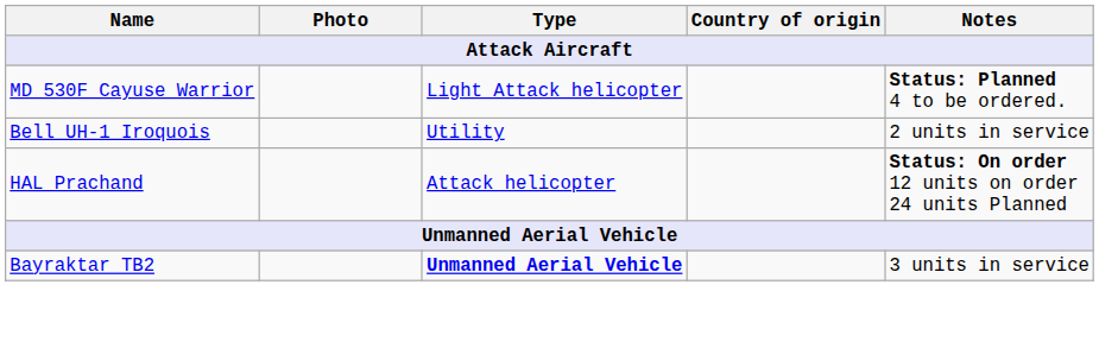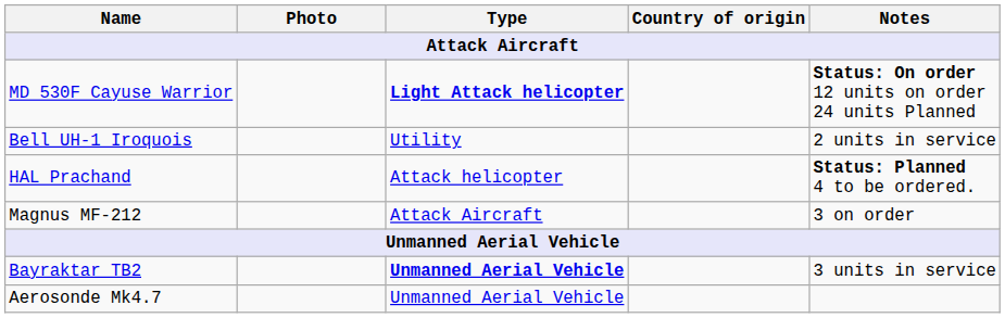 <table class="wikitable">
 <tr>
 <th>Name</th>
 <th style="width:15%;">Photo</th>
 <th>Type</th>
 <th>Country of origin</th>
 <th>Notes</th>
 </tr>
 <tr>
 <th colspan="5" style="align: center; background: lavender;">Attack Aircraft</th>
 </tr>
 <tr>
 <td><a href='#'>MD 530F Cayuse Warrior</a></td>
 <td></td>
-<td><a href='#'>Light Attack helicopter</a></td>
+<td><strong><a href='#'>Light Attack helicopter</a></strong></td>
 <td></td>
-<td><strong>Status: Planned</strong><br>4 to be ordered.</td>
+<td><strong>Status: On order</strong><br>12 units on order <br> 24 units Planned</td>
 </tr>
 <tr>
 <td><a href='#'>Bell UH-1 Iroquois</a></td>
 <td><br></td>
 <td><a href='#'>Utility</a></td>
 <td></td>
 <td>2 units in service</td>
 </tr>
 <tr>
 <td><a href='#'>HAL Prachand</a></td>
 <td></td>
 <td><a href='#'>Attack helicopter</a></td>
 <td><strong></strong></td>
-<td><strong>Status: On order</strong><br>12 units on order <br> 24 units Planned</td>
+<td><strong>Status: Planned</strong><br>4 to be ordered.</td>
+</tr>
+<tr>
+<td>Magnus MF-212</td>
+<td></td>
+<td><a href='#'>Attack Aircraft</a></td>
+<td></td>
+<td>3 on order</td>
 </tr>
 <tr>
 <th colspan="5" style="align: center;background: lavender;">Unmanned Aerial Vehicle</th>
 </tr>
 <tr>
 <td><a href='#'>Bayraktar TB2</a></td>
 <td></td>
 <td><strong><a href='#'>Unmanned Aerial Vehicle</a></strong></td>
 <td></td>
 <td>3 units in service</td>
 </tr>
+<tr>
+<td>Aerosonde Mk4.7</td>
+<td></td>
+<td><a href='#'>Unmanned Aerial Vehicle</a></td>
+<td></td>
+<td></td>
+</tr>
 </table>
